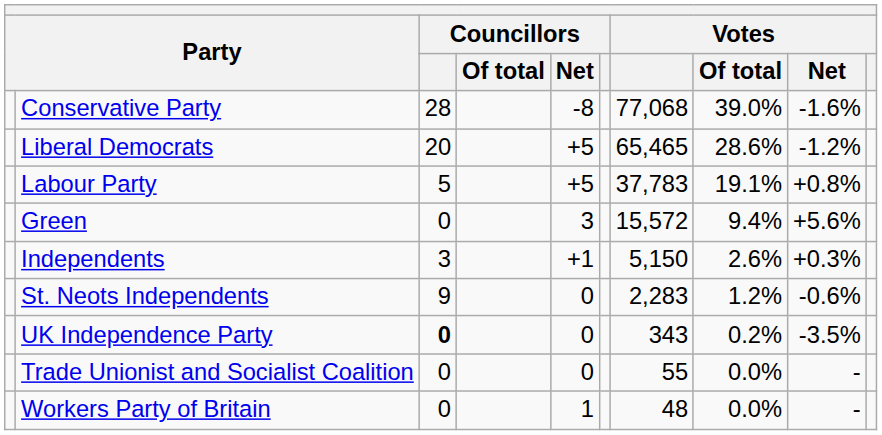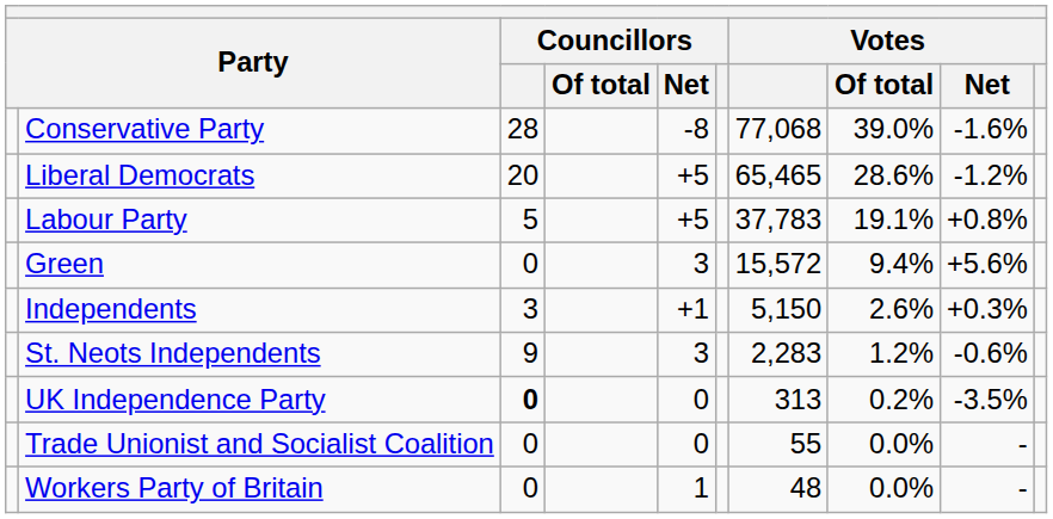 <table class="wikitable sortable" style="text-align:center;">
 <tr>
 <th colspan="10"></th>
 </tr>
 <tr>
 <th colspan="2" rowspan="2">Party</th>
 <th colspan="4">Councillors</th>
 <th colspan="4">Votes</th>
 </tr>
 <tr>
 <th></th>
 <th>Of total</th>
 <th>Net</th>
 <th class="unsortable"></th>
 <th></th>
 <th>Of total</th>
 <th>Net</th>
 <th class="unsortable"></th>
 </tr>
 <tr>
 <td style="color:inherit;background:"></td>
 <td style="text-align:left;"><a href='#'>Conservative Party</a></td>
 <td style="text-align:right;">28</td>
 <td style="text-align:right;"></td>
 <td style="text-align:right;">-8</td>
 <td data-sort-value=""></td>
 <td style="text-align:right;">77,068</td>
 <td style="text-align:right;">39.0%</td>
 <td style="text-align:right;">-1.6%</td>
 <td></td>
 </tr>
 <tr>
 <td style="color:inherit;background:"></td>
 <td style="text-align:left;"><a href='#'>Liberal Democrats</a></td>
 <td style="text-align:right;">20</td>
 <td style="text-align:right;"></td>
 <td style="text-align:right;">+5</td>
 <td data-sort-value=""></td>
 <td style="text-align:right;">65,465</td>
 <td style="text-align:right;">28.6%</td>
 <td style="text-align:right;">-1.2%</td>
 <td></td>
 </tr>
 <tr>
 <td style="color:inherit;background:"></td>
 <td style="text-align:left;"><a href='#'>Labour Party</a></td>
 <td style="text-align:right;">5</td>
 <td style="text-align:right;"></td>
 <td style="text-align:right;">+5</td>
 <td data-sort-value=""></td>
 <td style="text-align:right;">37,783</td>
 <td style="text-align:right;">19.1%</td>
 <td style="text-align:right;">+0.8%</td>
 <td></td>
 </tr>
 <tr>
 <td style="color:inherit;background:"></td>
 <td style="text-align:left;"><a href='#'>Green</a></td>
 <td style="text-align:right;">0</td>
 <td style="text-align:right;"></td>
 <td style="text-align:right;">3</td>
 <td data-sort-value=""></td>
 <td style="text-align:right;">15,572</td>
 <td style="text-align:right;">9.4%</td>
 <td style="text-align:right;">+5.6%</td>
 <td></td>
 </tr>
 <tr>
 <td style="color:inherit;background:"></td>
 <td style="text-align:left;"><a href='#'>Independents</a></td>
 <td style="text-align:right;">3</td>
 <td style="text-align:right;"></td>
 <td style="text-align:right;">+1</td>
 <td data-sort-value=""></td>
 <td style="text-align:right;">5,150</td>
 <td style="text-align:right;">2.6%</td>
 <td style="text-align:right;">+0.3%</td>
 <td></td>
 </tr>
 <tr>
 <td style="color:inherit;background:"></td>
 <td style="text-align:left;"><a href='#'>St. Neots Independents</a></td>
 <td style="text-align:right;">9</td>
 <td style="text-align:right;"></td>
-<td style="text-align:right;">0</td>
+<td style="text-align:right;">3</td>
 <td data-sort-value=""></td>
 <td style="text-align:right;">2,283</td>
 <td style="text-align:right;">1.2%</td>
 <td style="text-align:right;">-0.6%</td>
 <td></td>
 </tr>
 <tr>
 <td style="color:inherit;background:"></td>
 <td style="text-align:left;"><a href='#'>UK Independence Party</a></td>
 <td style="text-align:right;"><strong>0</strong></td>
 <td style="text-align:right;"></td>
 <td style="text-align:right;">0</td>
 <td data-sort-value=""></td>
-<td style="text-align:right;">343</td>
+<td style="text-align:right;">313</td>
 <td style="text-align:right;">0.2%</td>
 <td style="text-align:right;">-3.5%</td>
 <td></td>
 </tr>
 <tr>
 <td style="color:inherit;background:"></td>
 <td style="text-align:left;"><a href='#'>Trade Unionist and Socialist Coalition</a></td>
 <td style="text-align:right;">0</td>
 <td style="text-align:right;"></td>
 <td style="text-align:right;">0</td>
 <td data-sort-value=""></td>
 <td style="text-align:right;">55</td>
 <td style="text-align:right;">0.0%</td>
 <td style="text-align:right;">-</td>
 <td></td>
 </tr>
 <tr>
 <td style="color:inherit;background:"></td>
 <td style="text-align:left;"><a href='#'>Workers Party of Britain</a></td>
 <td style="text-align:right;">0</td>
 <td style="text-align:right;"></td>
 <td style="text-align:right;">1</td>
 <td data-sort-value=""></td>
 <td style="text-align:right;">48</td>
 <td style="text-align:right;">0.0%</td>
 <td style="text-align:right;">-</td>
 <td></td>
 </tr>
 </table>
